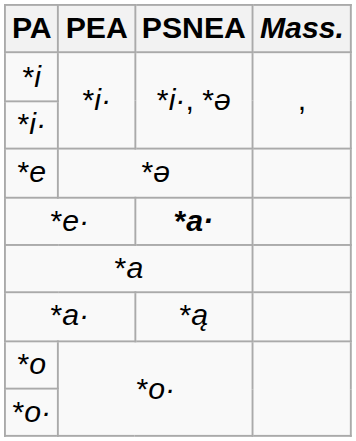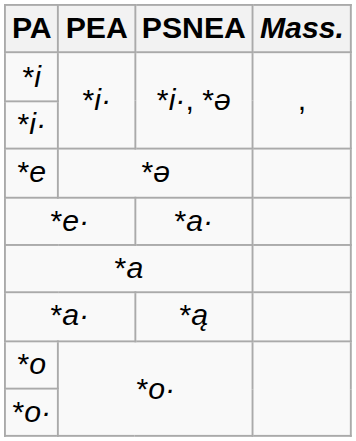 <table class="wikitable floatleft">
 <tr ----bgcolor="#eeeeee">
 <th style="text-align: center;" style="width: 30pt;">PA</th>
 <th style="text-align: center;" style="width: 30pt;">PEA</th>
 <th style="text-align: center;" style="width: 30pt;">PSNEA</th>
 <th style="text-align: center;" style="width: 30pt;"><em>Mass.</em></th>
 </tr>
 <tr>
 <td style="text-align: center;">*<em>i</em></td>
 <td style="text-align: center;" rowspan="2">*<em>i·</em></td>
 <td style="text-align: center;" rowspan="2">*<em>i·</em>, *<em>ə</em></td>
 <td style="text-align: center;" rowspan="2">, </td>
 </tr>
 <tr>
 <td style="text-align: center;">*<em>i·</em></td>
 </tr>
 <tr>
 <td style="text-align: center;">*<em>e</em></td>
 <td style="text-align: center;" colspan="2">*<em>ə</em></td>
 <td style="text-align: center;"></td>
 </tr>
 <tr>
 <td style="text-align: center;" colspan="2">*<em>e·</em></td>
-<td style="text-align: center;"><strong>*<em>a·</em></strong></td>
+<td style="text-align: center;">*<em>a·</em></td>
 <td style="text-align: center;"></td>
 </tr>
 <tr>
 <td style="text-align: center;" colspan="3">*<em>a</em></td>
 <td style="text-align: center;"></td>
 </tr>
 <tr>
 <td style="text-align: center;" colspan="2">*<em>a·</em></td>
 <td style="text-align: center;">*<em>ą</em></td>
 <td style="text-align: center;"></td>
 </tr>
 <tr>
 <td style="text-align: center;">*<em>o</em></td>
 <td style="text-align: center;" colspan="2" rowspan="2">*<em>o·</em></td>
 <td style="text-align: center;" rowspan="2"></td>
 </tr>
 <tr>
 <td style="text-align: center;">*<em>o·</em></td>
 </tr>
 </table>
